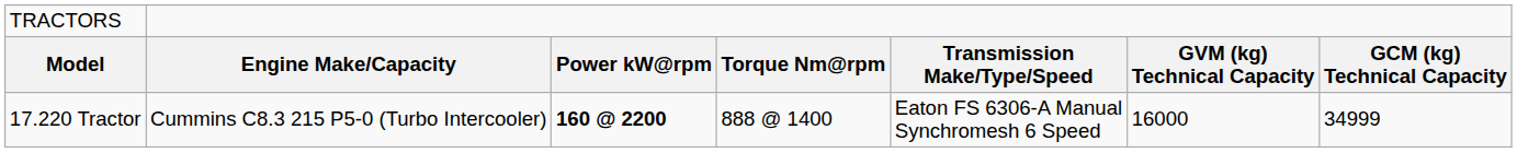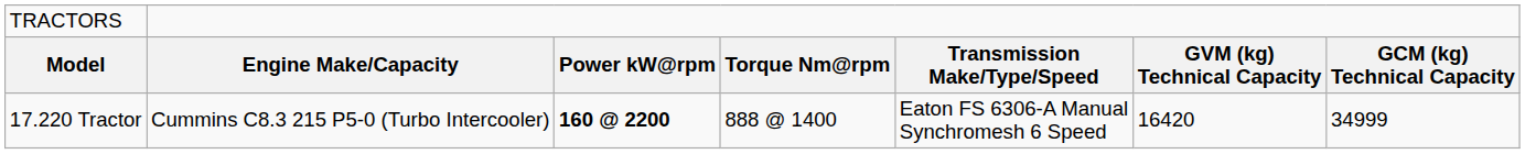 <table class="wikitable">
 <tr>
 <td>TRACTORS</td>
 </tr>
 <tr>
 <th>Model</th>
 <th>Engine Make/Capacity</th>
 <th>Power kW@rpm</th>
 <th>Torque Nm@rpm</th>
 <th>Transmission<br>Make/Type/Speed</th>
 <th>GVM (kg)<br>Technical Capacity</th>
 <th>GCM (kg)<br>Technical Capacity</th>
 </tr>
 <tr>
 <td>17.220 Tractor</td>
 <td>Cummins C8.3 215 P5-0 (Turbo Intercooler)</td>
 <td><strong>160 @ 2200</strong></td>
 <td>888 @ 1400</td>
 <td>Eaton FS 6306-A Manual<br>Synchromesh 6 Speed</td>
-<td>16000</td>
+<td>16420</td>
 <td>34999</td>
 </tr>
 </table>
